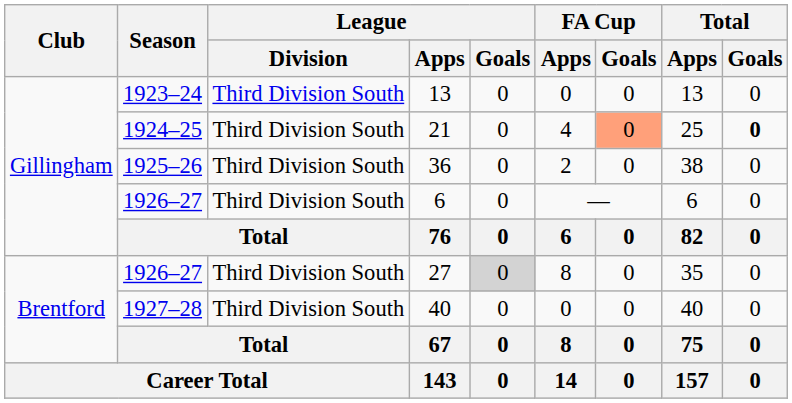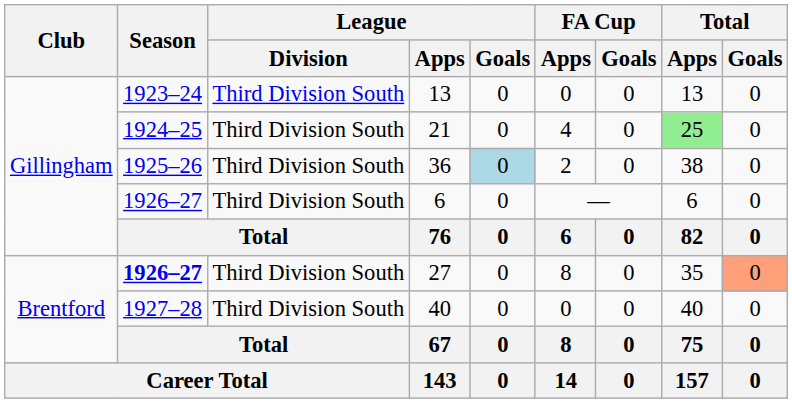 <table class="wikitable" style="text-align: center;">
 <tr>
 <th rowspan="2">Club</th>
 <th rowspan="2">Season</th>
 <th colspan="3">League</th>
 <th colspan="2">FA Cup</th>
 <th colspan="2">Total</th>
 </tr>
 <tr>
 <th>Division</th>
 <th>Apps</th>
 <th>Goals</th>
 <th>Apps</th>
 <th>Goals</th>
 <th>Apps</th>
 <th>Goals</th>
 </tr>
 <tr>
 <td rowspan="5"><a href='#'>Gillingham</a></td>
 <td><a href='#'>1923–24</a></td>
 <td><a href='#'>Third Division South</a></td>
 <td>13</td>
 <td>0</td>
 <td>0</td>
 <td>0</td>
 <td>13</td>
 <td>0</td>
 </tr>
 <tr>
 <td><a href='#'>1924–25</a></td>
 <td>Third Division South</td>
 <td>21</td>
 <td>0</td>
 <td>4</td>
-<td style="background: lightsalmon;">0</td>
-<td>25</td>
-<td><strong>0</strong></td>
+<td>0</td>
+<td style="background: lightgreen;">25</td>
+<td>0</td>
 </tr>
 <tr>
 <td><a href='#'>1925–26</a></td>
 <td>Third Division South</td>
 <td>36</td>
-<td>0</td>
+<td style="background: lightblue;">0</td>
 <td>2</td>
 <td>0</td>
 <td>38</td>
 <td>0</td>
 </tr>
 <tr>
 <td><a href='#'>1926–27</a></td>
 <td>Third Division South</td>
 <td>6</td>
 <td>0</td>
 <td colspan="2">—</td>
 <td>6</td>
 <td>0</td>
 </tr>
 <tr>
 <th colspan="2">Total</th>
 <th>76</th>
 <th>0</th>
 <th>6</th>
 <th>0</th>
 <th>82</th>
 <th>0</th>
 </tr>
 <tr>
 <td rowspan="3"><a href='#'>Brentford</a></td>
-<td><a href='#'>1926–27</a></td>
+<td><strong><a href='#'>1926–27</a></strong></td>
 <td>Third Division South</td>
 <td>27</td>
-<td style="background: lightgrey;">0</td>
+<td>0</td>
 <td>8</td>
 <td>0</td>
 <td>35</td>
-<td>0</td>
+<td style="background: lightsalmon;">0</td>
 </tr>
 <tr>
 <td><a href='#'>1927–28</a></td>
 <td>Third Division South</td>
 <td>40</td>
 <td>0</td>
 <td>0</td>
 <td>0</td>
 <td>40</td>
 <td>0</td>
 </tr>
 <tr>
 <th colspan="2">Total</th>
 <th>67</th>
 <th>0</th>
 <th>8</th>
 <th>0</th>
 <th>75</th>
 <th>0</th>
 </tr>
 <tr>
 <th colspan="3">Career Total</th>
 <th>143</th>
 <th>0</th>
 <th>14</th>
 <th>0</th>
 <th>157</th>
 <th>0</th>
 </tr>
 </table>
